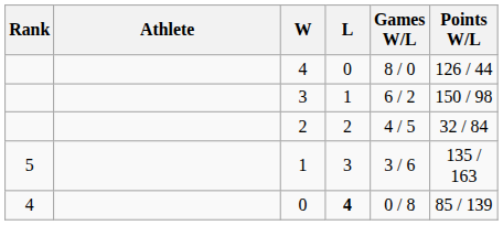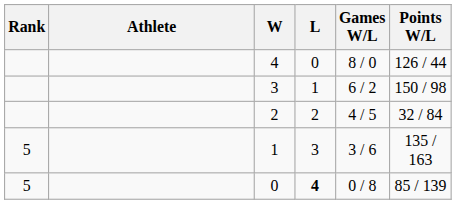 <table class="wikitable" style="text-align: center; font-size:90% ">
 <tr>
 <th width="20">Rank</th>
 <th width="180">Athlete</th>
 <th width="30">W</th>
 <th width="30">L</th>
 <th width="40">Games<br>W/L</th>
 <th width="50">Points<br>W/L</th>
 </tr>
 <tr>
 <td></td>
 <td align=left><strong></strong></td>
 <td>4</td>
 <td>0</td>
 <td>8 / 0</td>
 <td>126 / 44</td>
 </tr>
 <tr>
 <td></td>
 <td align=left><strong></strong></td>
 <td>3</td>
 <td>1</td>
 <td>6 / 2</td>
 <td>150 / 98</td>
 </tr>
 <tr>
 <td></td>
 <td align=left><strong></strong></td>
 <td>2</td>
 <td>2</td>
 <td>4 / 5</td>
 <td>32 / 84</td>
 </tr>
 <tr>
 <td>5</td>
 <td align=left></td>
 <td>1</td>
 <td>3</td>
 <td>3 / 6</td>
 <td>135 / 163</td>
 </tr>
 <tr>
-<td>4</td>
+<td>5</td>
 <td align=left></td>
 <td>0</td>
 <td><strong>4</strong></td>
 <td>0 / 8</td>
 <td>85 / 139</td>
 </tr>
 </table>
